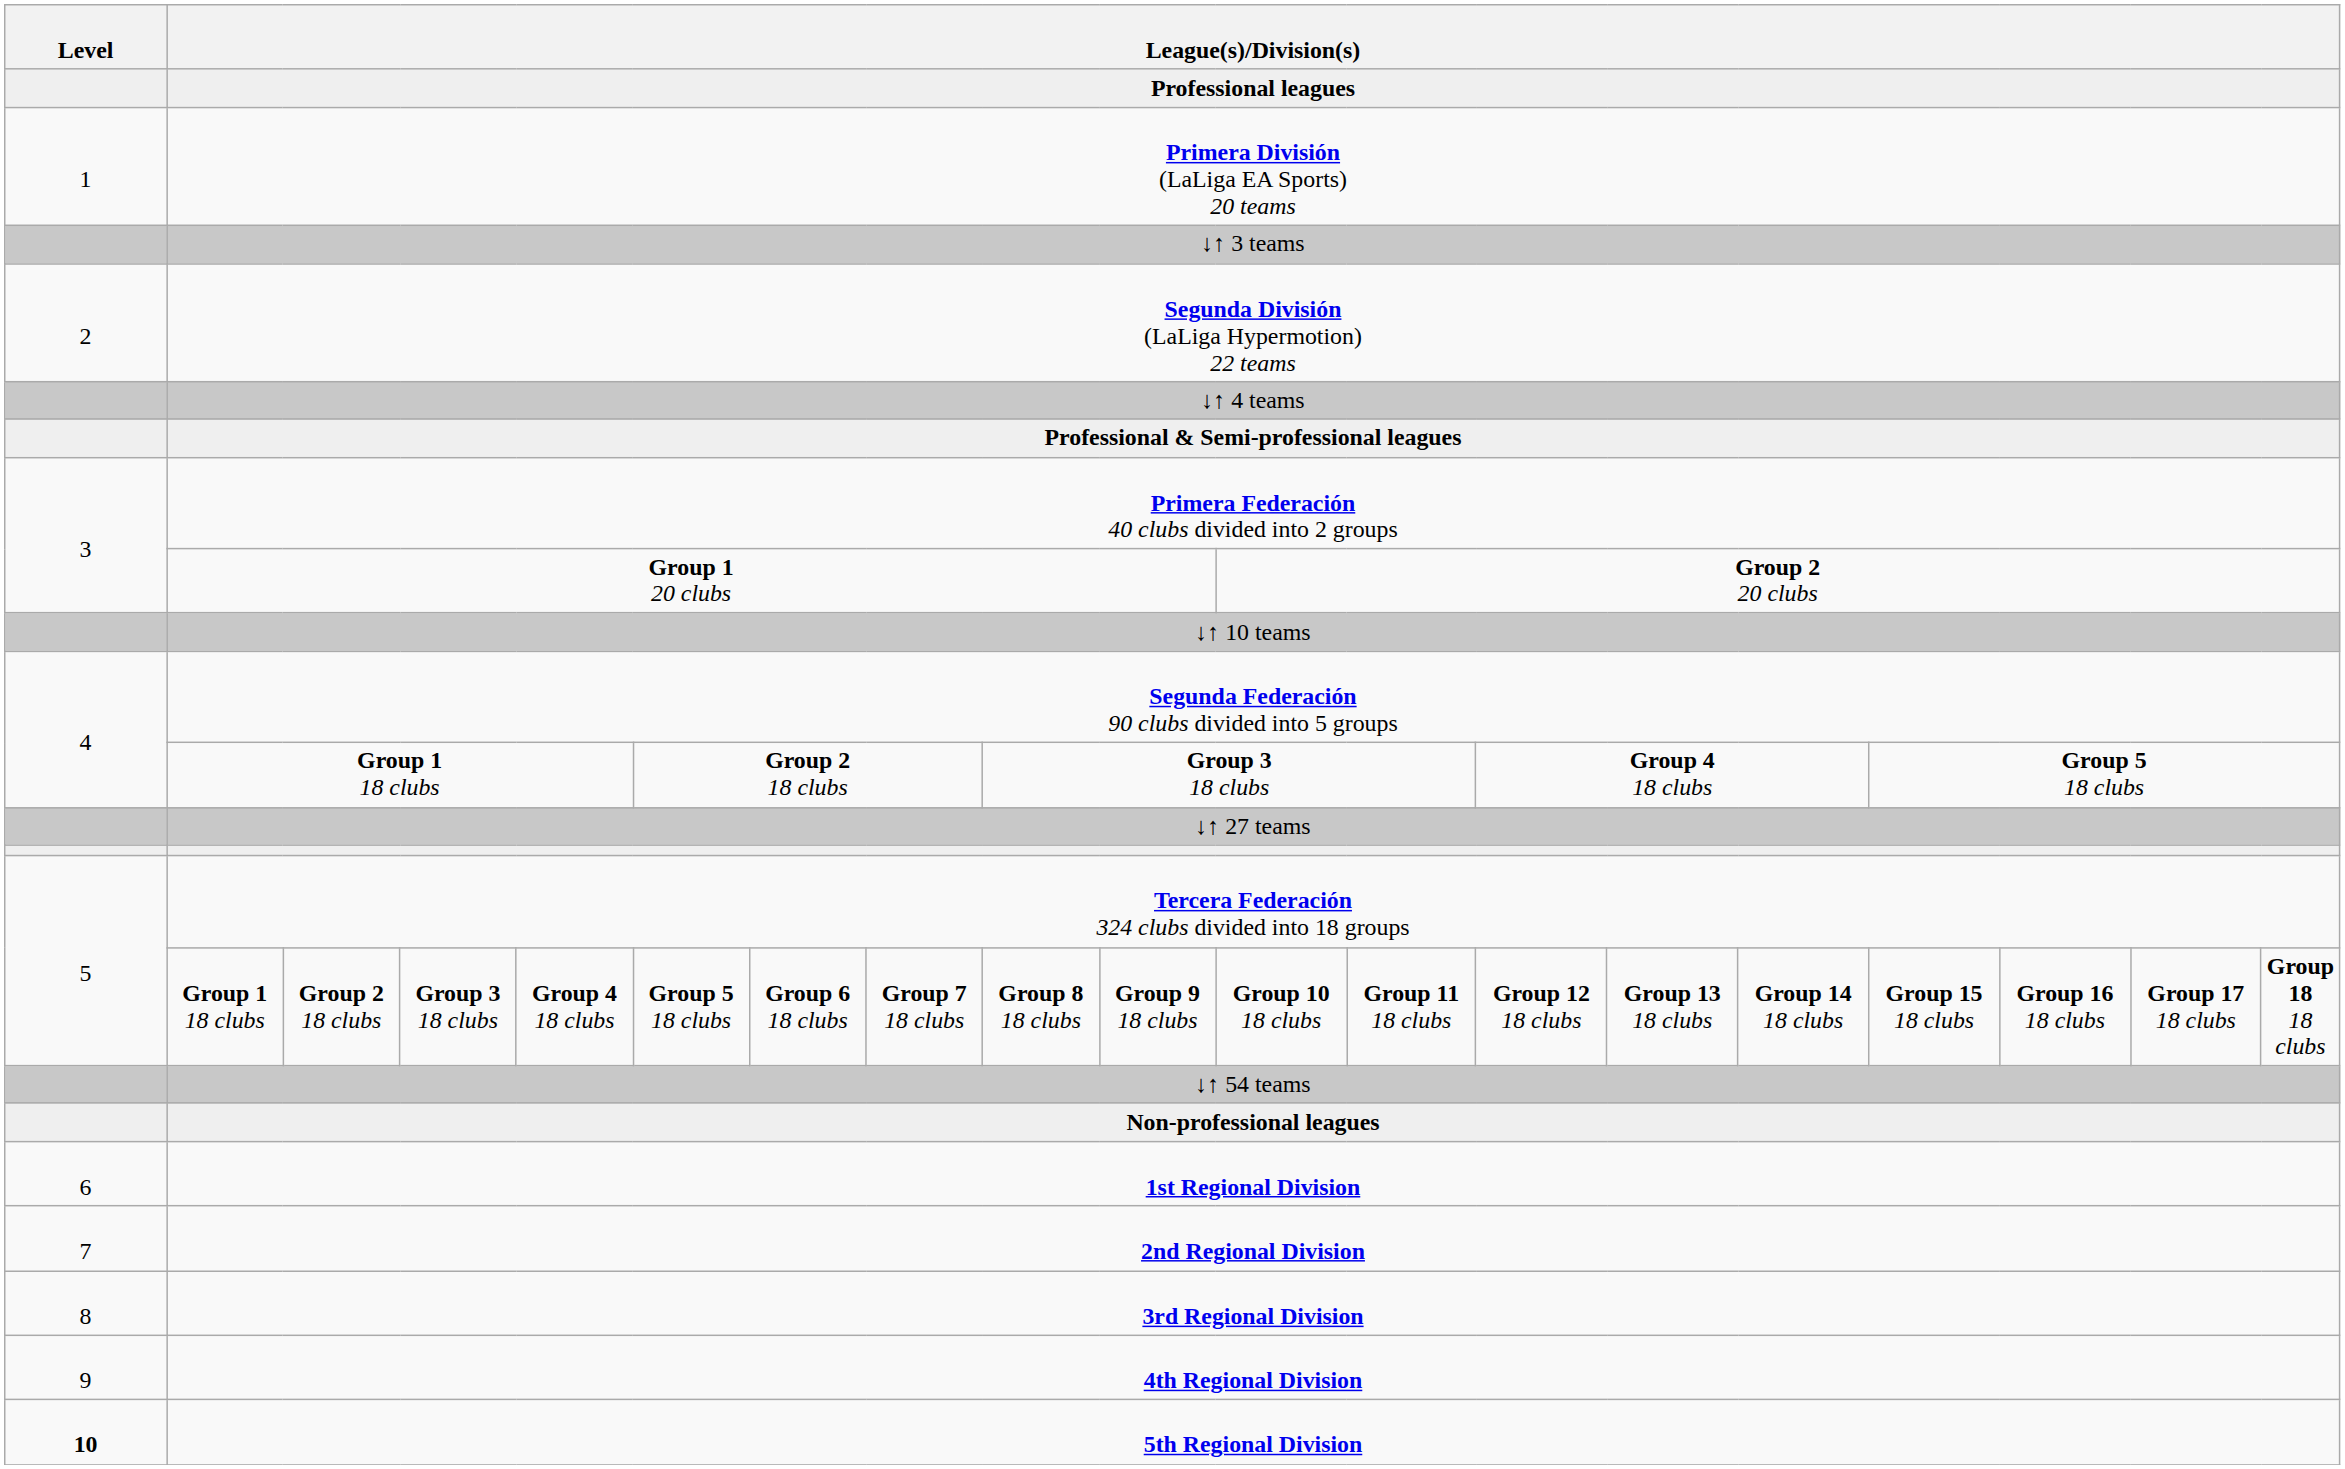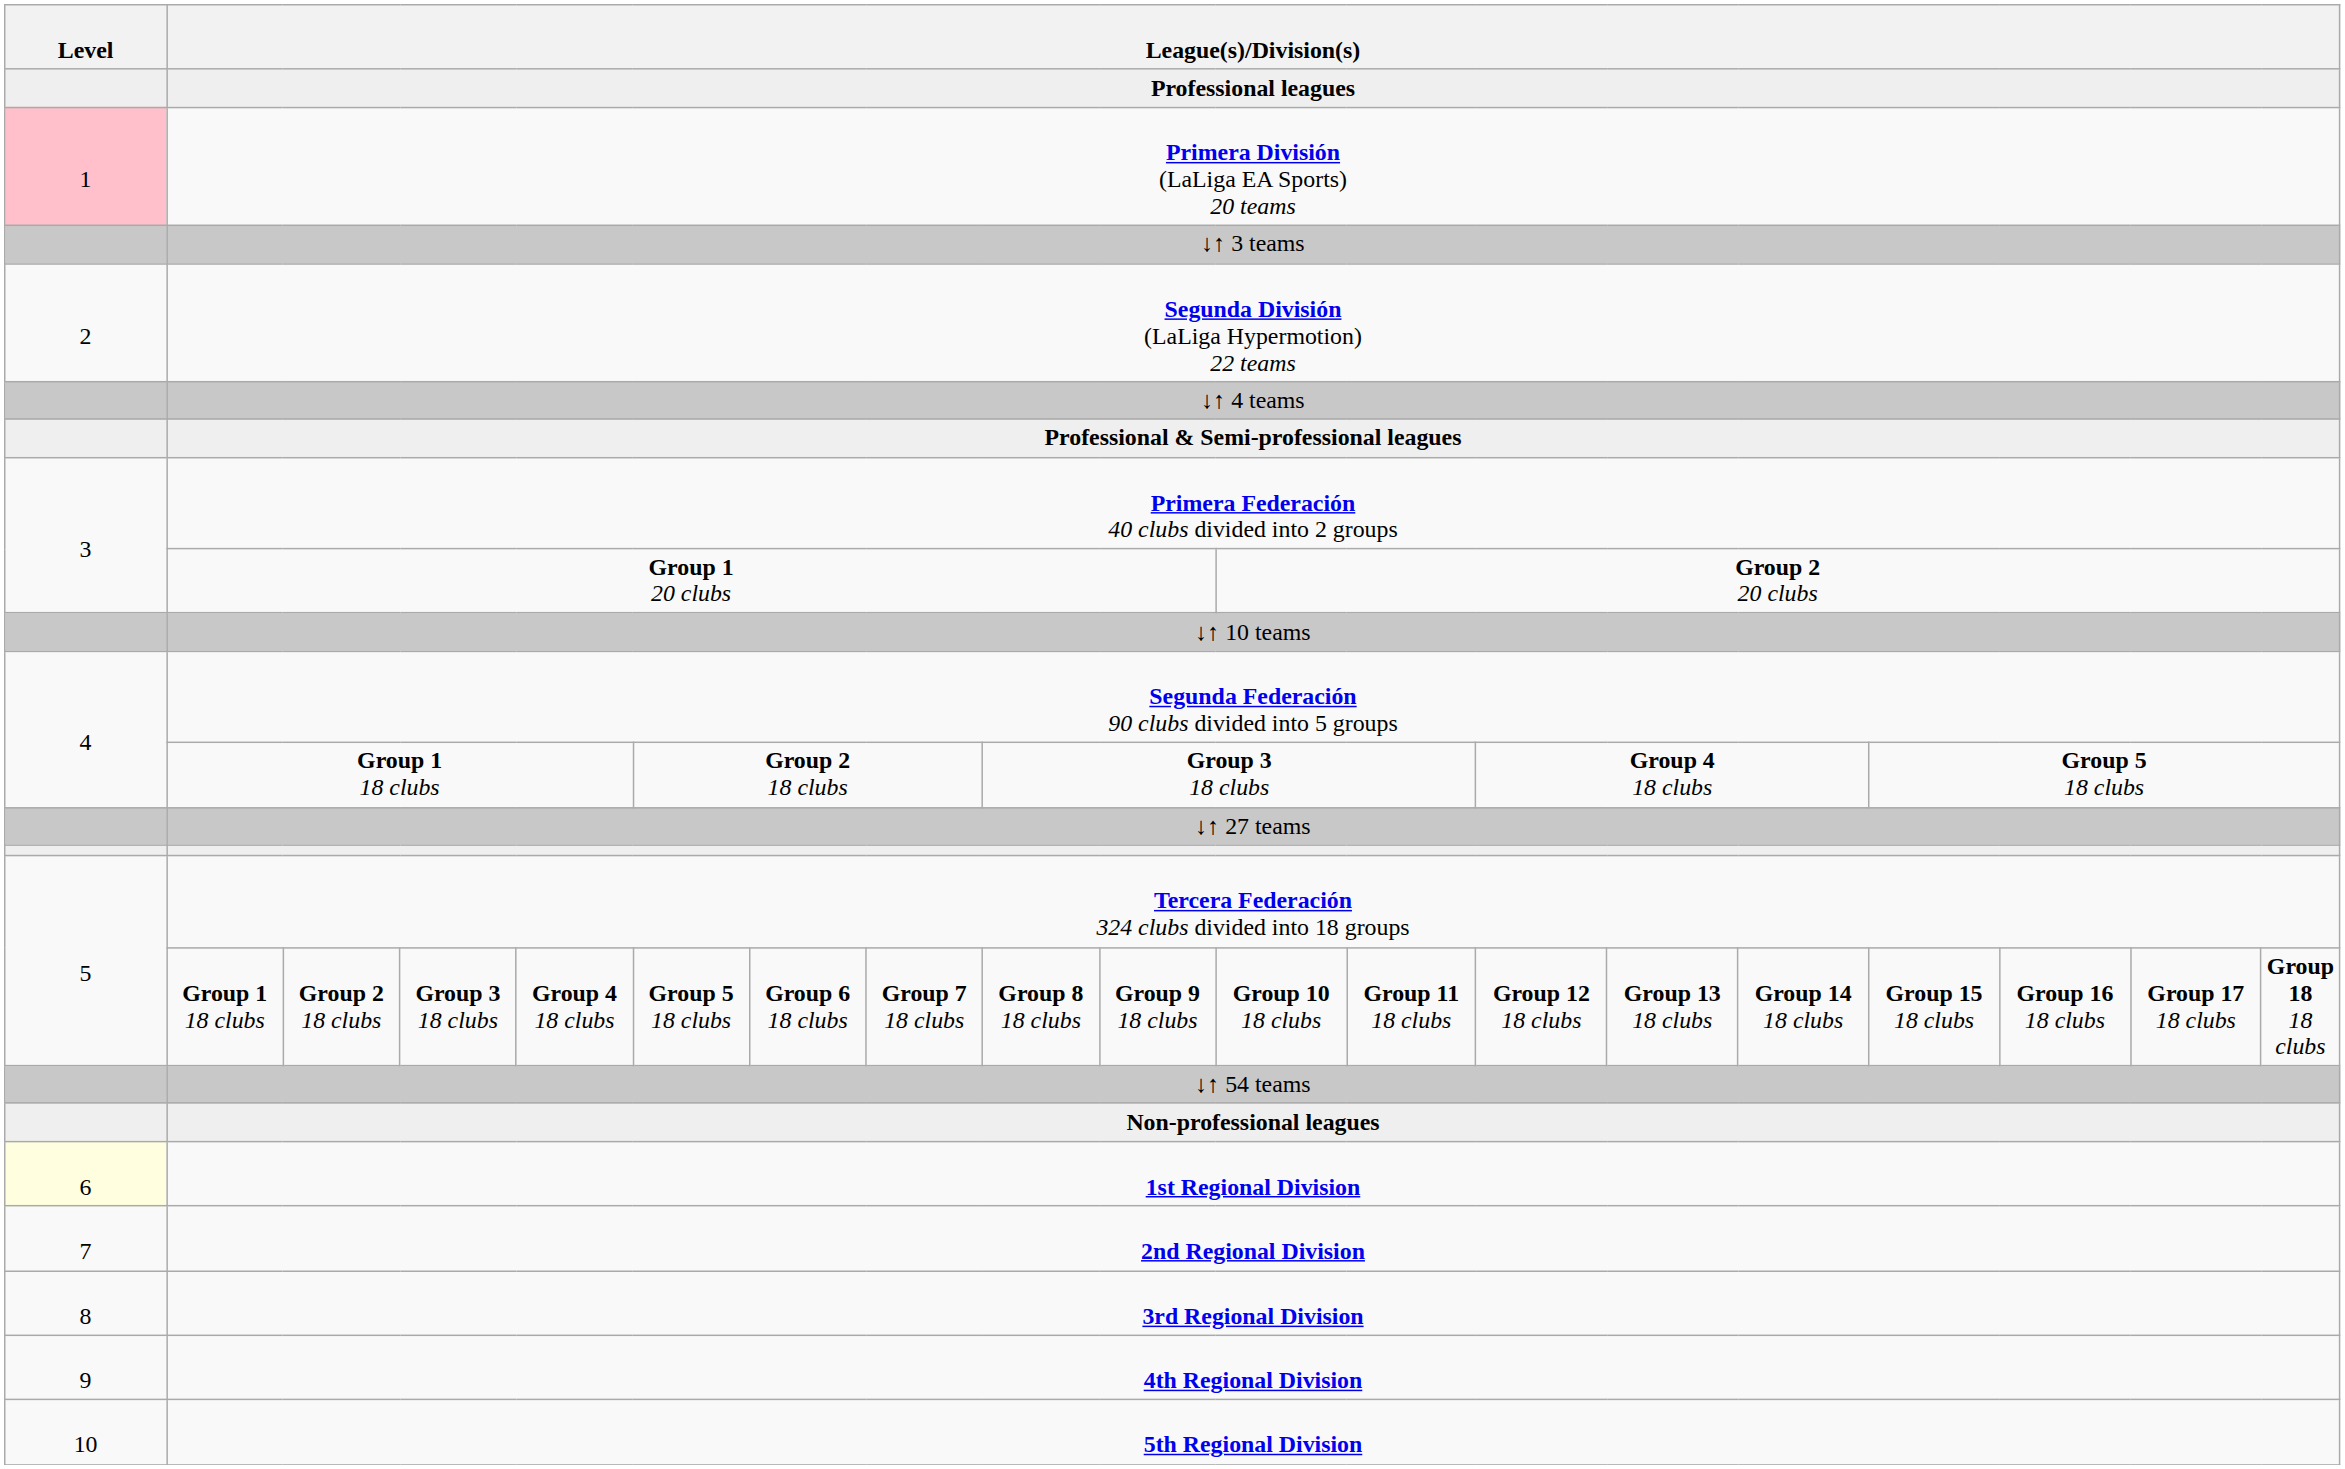 <table class="wikitable" style="text-align: center;">
 <tr south>
 <th width="4%"><br>Level</th>
 <th colspan="18" width="96%"><br>League(s)/Division(s)</th>
 </tr>
 <tr style="background:#efefef;">
 <td width="4.6%" align="center"></td>
 <td colspan="18" width="95.4%" style="text-align:center;"><strong>Professional leagues</strong></td>
 </tr>
 <tr>
-<td width="4%"><br>1</td>
+<td width="4%" style="background: pink;"><br>1</td>
 <td colspan="18" width="96%"><br><strong><a href='#'>Primera División</a></strong><br> (LaLiga EA Sports)<br> <em>20 teams</em></td>
 </tr>
 <tr style="background:#c8c8c8">
 <td style="width:4%;"></td>
 <td colspan="18" style="width:96%;">↓↑ 3 teams</td>
 </tr>
 <tr>
 <td width="7%"><br>2</td>
 <td colspan="18" width="70%"><br><strong><a href='#'>Segunda División</a></strong><br> (LaLiga Hypermotion)<br> <em>22 teams</em></td>
 </tr>
 <tr style="background:#c8c8c8">
 <td style="width:4%;"></td>
 <td colspan="18" style="width:96%;">↓↑ 4 teams</td>
 </tr>
 <tr style="background:#efefef;">
 <td width="4.6%" align="center"></td>
 <td colspan="18" width="95.4%" style="text-align:center;"><strong>Professional & Semi-professional leagues</strong></td>
 </tr>
 <tr>
 <td colspan="1" rowspan="2" width="4%"><br>3</td>
 <td colspan="18" width="96%"><br><strong><a href='#'>Primera Federación</a></strong><br><em>40 clubs</em> divided into 2 groups</td>
 </tr>
 <tr>
 <td colspan="9" align="center"><strong>Group 1</strong> <br> <em>20 clubs</em></td>
 <td colspan="9" align="center"><strong>Group 2</strong> <br> <em>20 clubs</em></td>
 </tr>
 <tr style="background:#c8c8c8">
 <td style="width:4%;"></td>
 <td colspan="18" style="width:96%;">↓↑ 10 teams</td>
 </tr>
 <tr>
 <td ! colspan="1" rowspan="2" width="4%"><br>4</td>
 <td colspan="18" width="96%"><br><strong><a href='#'>Segunda Federación</a></strong><br><em>90 clubs</em> divided into 5 groups</td>
 </tr>
 <tr>
 <td colspan="4" align="center"><strong>Group 1</strong> <br> <em>18 clubs</em></td>
 <td colspan="3" align="center"><strong>Group 2</strong> <br> <em>18 clubs</em></td>
 <td colspan="4" align="center"><strong>Group 3</strong> <br> <em>18 clubs</em></td>
 <td colspan="3" align="center"><strong>Group 4</strong> <br> <em>18 clubs</em></td>
 <td colspan="4" align="center"><strong>Group 5</strong> <br> <em>18 clubs</em></td>
 </tr>
 <tr style="background:#c8c8c8">
 <td style="width:4%;"></td>
 <td colspan="18" style="width:96%;">↓↑ 27 teams</td>
 </tr>
 <tr style="background:#efefef;">
 <td width="4.6%" align="center"></td>
 <td colspan="18"></td>
 </tr>
 <tr>
 <td ! colspan="1" rowspan="2" width="4%"><br>5</td>
 <td colspan="18" width="96%"><br><strong><a href='#'>Tercera Federación</a></strong><br><em>324 clubs</em> divided into 18 groups</td>
 </tr>
 <tr>
 <td align="center"><strong>Group 1</strong> <br> <em>18 clubs</em></td>
 <td align="center"><strong>Group 2</strong> <br> <em>18 clubs</em></td>
 <td align="center"><strong>Group 3</strong> <br> <em>18 clubs</em></td>
 <td align="center"><strong>Group 4</strong> <br> <em>18 clubs</em></td>
 <td align="center"><strong>Group 5</strong> <br> <em>18 clubs</em></td>
 <td align="center"><strong>Group 6</strong> <br> <em>18 clubs</em></td>
 <td align="center"><strong>Group 7</strong> <br> <em>18 clubs</em></td>
 <td align="center"><strong>Group 8</strong> <br> <em>18 clubs</em></td>
 <td align="center"><strong>Group 9</strong> <br> <em>18 clubs</em></td>
 <td align="center"><strong>Group 10</strong> <br> <em>18 clubs</em></td>
 <td align="center"><strong>Group 11</strong> <br> <em>18 clubs</em></td>
 <td align="center"><strong>Group 12</strong> <br> <em>18 clubs</em></td>
 <td align="center"><strong>Group 13</strong> <br> <em>18 clubs</em></td>
 <td align="center"><strong>Group 14</strong> <br> <em>18 clubs</em></td>
 <td align="center"><strong>Group 15</strong> <br> <em>18 clubs</em></td>
 <td align="center"><strong>Group 16</strong> <br> <em>18 clubs</em></td>
 <td align="center"><strong>Group 17</strong> <br> <em>18 clubs</em></td>
 <td align="center"><strong>Group 18</strong> <br> <em>18 clubs</em></td>
 </tr>
 <tr style="background:#c8c8c8">
 <td style="width:4%;"></td>
 <td colspan="18" style="width:96%;">↓↑ 54 teams</td>
 </tr>
 <tr style="background:#efefef;">
 <td width="4.6%" align="center"></td>
 <td colspan="18" width="95.4%" style="text-align:center;"><strong>Non-professional leagues</strong></td>
 </tr>
 <tr>
-<td width="4%"><br>6</td>
+<td width="4%" style="background: lightyellow;"><br>6</td>
 <td colspan="18" width="96%"><br><strong><a href='#'>1st Regional Division</a></strong></td>
 </tr>
 <tr>
 <td width="4%"><br>7</td>
 <td colspan="18" width="96%"><br><strong><a href='#'>2nd Regional Division</a></strong></td>
 </tr>
 <tr>
 <td width="4%"><br>8</td>
 <td colspan="18" width="96%"><br><strong><a href='#'>3rd Regional Division</a></strong></td>
 </tr>
 <tr>
 <td width="4%"><br>9</td>
 <td colspan="18" width="96%"><br><strong><a href='#'>4th Regional Division</a></strong></td>
 </tr>
 <tr>
-<td width="4%"><strong><br>10</strong></td>
+<td width="4%"><br>10</td>
 <td colspan="18" width="96%"><br><strong><a href='#'>5th Regional Division</a></strong></td>
 </tr>
 </table>
